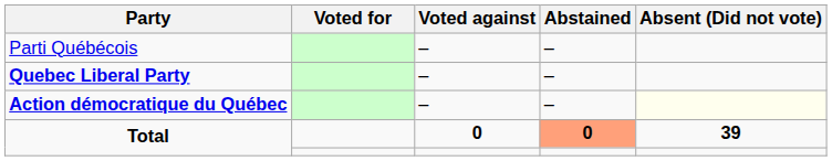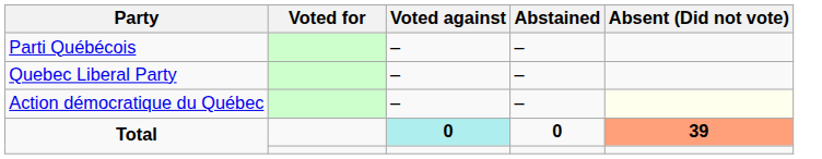 <table class="wikitable">
 <tr>
 <th>Party</th>
 <th style="width:15%;">Voted for</th>
 <th>Voted against</th>
 <th>Abstained</th>
 <th>Absent (Did not vote)</th>
 </tr>
 <tr>
 <td> <a href='#'>Parti Québécois</a></td>
 <td style="background-color:#CCFFCC;"></td>
 <td>–</td>
 <td>–</td>
 <td></td>
 </tr>
 <tr>
-<td><strong> <a href='#'>Quebec Liberal Party</a></strong></td>
+<td> <a href='#'>Quebec Liberal Party</a></td>
 <td style="background-color:#CCFFCC;"></td>
 <td>–</td>
 <td>–</td>
 <td></td>
 </tr>
 <tr>
-<td><strong> <a href='#'>Action démocratique du Québec</a></strong></td>
+<td> <a href='#'>Action démocratique du Québec</a></td>
 <td style="background-color:#CCFFCC;"></td>
 <td>–</td>
 <td>–</td>
 <td style="background-color:#FFE;"></td>
 </tr>
 <tr>
 <td style="text-align:center;" rowspan="2"><strong>Total</strong></td>
 <td></td>
+<td style="background: paleturquoise; text-align:center;"><strong>0</strong></td>
 <td style="text-align:center;"><strong>0</strong></td>
-<td style="background: lightsalmon; text-align:center;"><strong>0</strong></td>
-<td style="text-align:center;"><strong>39</strong></td>
+<td style="background: lightsalmon; text-align:center;"><strong>39</strong></td>
 </tr>
 <tr>
 <td style="text-align:center;"></td>
 <td style="text-align:center;"></td>
 <td style="text-align:center;"></td>
 <td style="text-align:center;"></td>
 </tr>
 </table>
